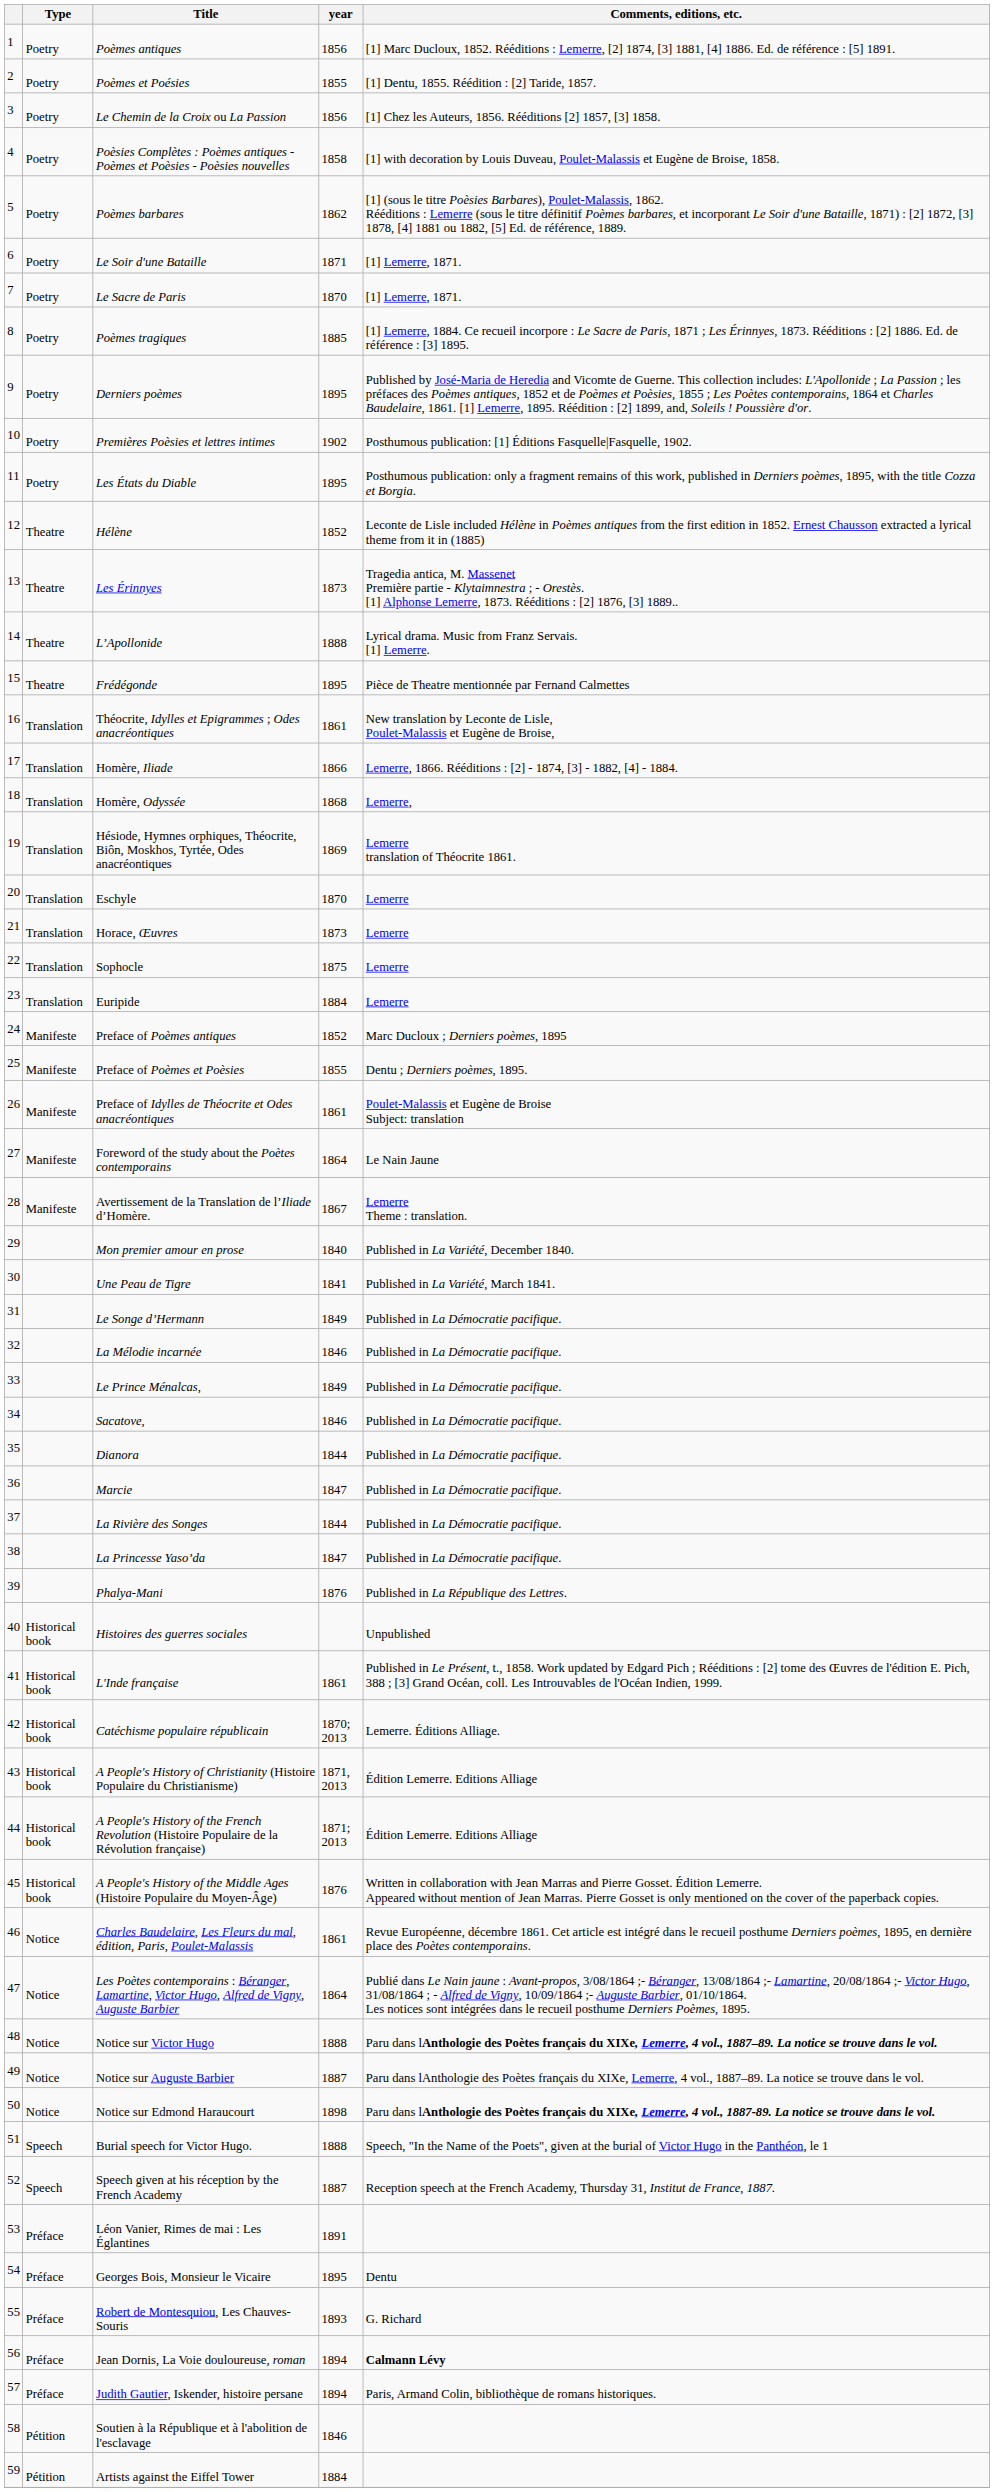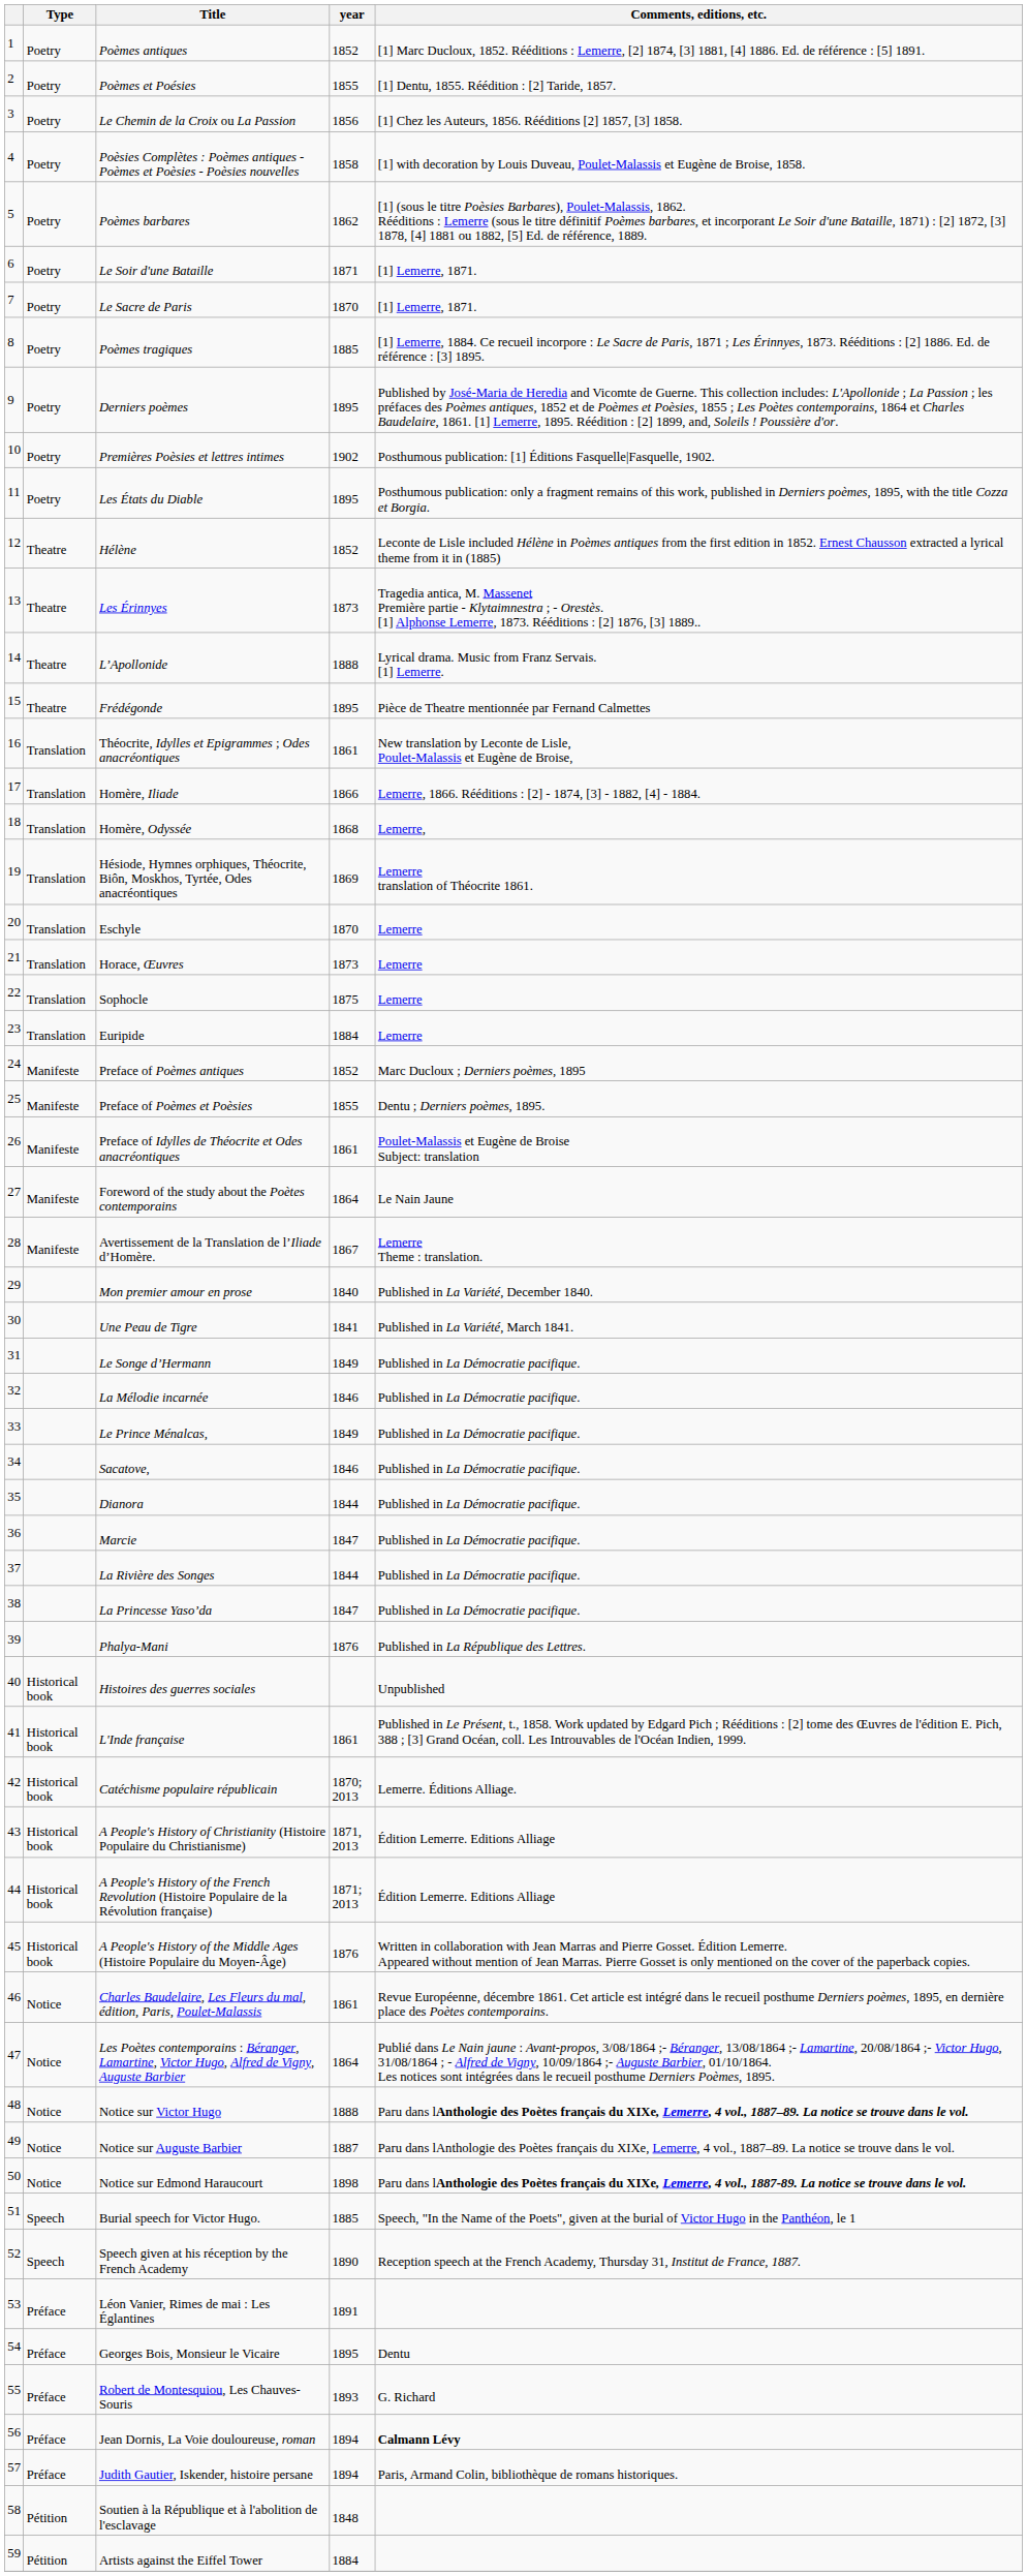 <table class="wikitable sortable">
 <tr>
 <th></th>
 <th scope="col">Type<br></th>
 <th scope="col">Title<br></th>
 <th scope="col">year<br></th>
 <th scope="col" class="unsortable">Comments, editions, etc.</th>
 </tr>
 <tr>
 <td>1</td>
 <td><br>Poetry</td>
 <td><br><em>Poèmes antiques</em></td>
-<td><br>1856</td>
+<td><br>1852</td>
 <td><br>[1] Marc Ducloux, 1852. Rééditions : <a href='#'>Lemerre</a>, [2] 1874, [3] 1881, [4] 1886. Ed. de référence : [5] 1891.</td>
 </tr>
 <tr>
 <td>2</td>
 <td><br>Poetry</td>
 <td><br><em>Poèmes et Poésies</em></td>
 <td><br>1855</td>
 <td><br>[1] Dentu, 1855. Réédition : [2] Taride, 1857.</td>
 </tr>
 <tr>
 <td>3</td>
 <td><br>Poetry</td>
 <td><br><em>Le Chemin de la Croix</em> ou <em>La Passion</em></td>
 <td><br>1856</td>
 <td><br>[1] Chez les Auteurs, 1856. Rééditions [2] 1857, [3] 1858.<br></td>
 </tr>
 <tr>
 <td>4</td>
 <td><br>Poetry</td>
 <td><br><em>Poèsies Complètes : Poèmes antiques - Poèmes et Poèsies - Poèsies nouvelles</em></td>
 <td><br>1858</td>
 <td><br>[1] with decoration by Louis Duveau, <a href='#'>Poulet-Malassis</a> et Eugène de Broise, 1858.</td>
 </tr>
 <tr>
 <td>5</td>
 <td><br>Poetry</td>
 <td><br><em>Poèmes barbares</em></td>
 <td><br>1862</td>
 <td><br>[1] (sous le titre <em>Poèsies Barbares</em>), <a href='#'>Poulet-Malassis</a>, 1862.<br>Rééditions : <a href='#'>Lemerre</a> (sous le titre définitif <em>Poèmes barbares</em>, et incorporant <em>Le Soir d'une Bataille</em>, 1871) : [2] 1872, [3] 1878, [4] 1881 ou 1882, [5] Ed. de référence, 1889.</td>
 </tr>
 <tr>
 <td>6</td>
 <td><br>Poetry</td>
 <td><br><em>Le Soir d'une Bataille</em></td>
 <td><br>1871</td>
 <td><br>[1] <a href='#'>Lemerre</a>, 1871.</td>
 </tr>
 <tr>
 <td>7</td>
 <td><br>Poetry</td>
 <td><br><em>Le Sacre de Paris</em></td>
 <td><br>1870</td>
 <td><br>[1] <a href='#'>Lemerre</a>, 1871.</td>
 </tr>
 <tr>
 <td>8</td>
 <td><br>Poetry</td>
 <td><br><em>Poèmes tragiques</em></td>
 <td><br>1885</td>
 <td><br>[1] <a href='#'>Lemerre</a>, 1884. Ce recueil incorpore : <em>Le Sacre de Paris</em>, 1871 ; <em>Les Érinnyes</em>, 1873. Rééditions : [2] 1886. Ed. de référence : [3] 1895.</td>
 </tr>
 <tr>
 <td>9</td>
 <td><br>Poetry</td>
 <td><br><em>Derniers poèmes</em></td>
 <td><br>1895</td>
 <td><br>Published by <a href='#'>José-Maria de Heredia</a> and Vicomte de Guerne. This collection includes: <em>L'Apollonide</em> ; <em>La Passion</em> ; les préfaces des <em>Poèmes antiques</em>, 1852 et de <em>Poèmes et Poèsies</em>, 1855 ; <em>Les Poètes contemporains</em>, 1864 et <em>Charles Baudelaire</em>, 1861. [1] <a href='#'>Lemerre</a>, 1895. Réédition : [2] 1899, and, <em>Soleils ! Poussière d'or</em>.</td>
 </tr>
 <tr>
 <td>10</td>
 <td><br>Poetry</td>
 <td><br><em>Premières Poèsies et lettres intimes</em></td>
 <td><br>1902</td>
 <td><br>Posthumous publication: [1] Éditions Fasquelle|Fasquelle, 1902.</td>
 </tr>
 <tr>
 <td>11</td>
 <td><br>Poetry</td>
 <td><br><em>Les États du Diable</em></td>
 <td><br>1895</td>
 <td><br>Posthumous publication: only a fragment remains of this work, published in <em>Derniers poèmes</em>, 1895, with the title <em>Cozza et Borgia</em>.</td>
 </tr>
 <tr>
 <td>12</td>
 <td><br>Theatre</td>
 <td><br><em>Hélène</em></td>
 <td><br>1852</td>
 <td><br>Leconte de Lisle included <em>Hélène</em> in <em>Poèmes antiques</em> from the first edition in 1852. <a href='#'>Ernest Chausson</a> extracted a lyrical theme from it in  (1885)</td>
 </tr>
 <tr>
 <td>13</td>
 <td><br>Theatre</td>
 <td><br><em><a href='#'>Les Érinnyes</a></em></td>
 <td><br>1873</td>
 <td><br>Tragedia antica,  M. <a href='#'>Massenet</a><br>Première partie - <em>Klytaimnestra</em> ; - <em>Orestès</em>.<br> [1] <a href='#'>Alphonse Lemerre</a>, 1873. Rééditions : [2] 1876, [3] 1889..</td>
 </tr>
 <tr>
 <td>14</td>
 <td><br>Theatre</td>
 <td><br><em>L’Apollonide</em></td>
 <td><br>1888</td>
 <td><br>Lyrical drama. Music from Franz Servais.<br>  [1] <a href='#'>Lemerre</a>.</td>
 </tr>
 <tr>
 <td>15</td>
 <td><br>Theatre</td>
 <td><br><em>Frédégonde</em></td>
 <td><br>1895</td>
 <td><br>Pièce de Theatre mentionnée par Fernand Calmettes</td>
 </tr>
 <tr>
 <td>16</td>
 <td><br>Translation</td>
 <td><br>Théocrite, <em>Idylles et Epigrammes</em> ; <em>Odes anacréontiques</em></td>
 <td><br>1861</td>
 <td><br>New translation by Leconte de Lisle,<br><a href='#'>Poulet-Malassis</a> et Eugène de Broise,</td>
 </tr>
 <tr>
 <td>17</td>
 <td><br>Translation</td>
 <td><br>Homère, <em>Iliade</em></td>
 <td><br>1866</td>
 <td><br><a href='#'>Lemerre</a>, 1866. Rééditions : [2] - 1874, [3] - 1882, [4] - 1884.</td>
 </tr>
 <tr>
 <td>18</td>
 <td><br>Translation</td>
 <td><br>Homère, <em>Odyssée</em></td>
 <td><br>1868</td>
 <td><br><a href='#'>Lemerre</a>,</td>
 </tr>
 <tr>
 <td>19</td>
 <td><br>Translation</td>
 <td><br>Hésiode, Hymnes orphiques, Théocrite, Biôn, Moskhos, Tyrtée, Odes anacréontiques</td>
 <td><br>1869</td>
 <td><br><a href='#'>Lemerre</a><br>translation of Théocrite 1861.</td>
 </tr>
 <tr>
 <td>20</td>
 <td><br>Translation</td>
 <td><br>Eschyle</td>
 <td><br>1870</td>
 <td><br><a href='#'>Lemerre</a></td>
 </tr>
 <tr>
 <td>21</td>
 <td><br>Translation</td>
 <td><br>Horace, <em>Œuvres</em></td>
 <td><br>1873</td>
 <td><br><a href='#'>Lemerre</a></td>
 </tr>
 <tr>
 <td>22</td>
 <td><br>Translation</td>
 <td><br>Sophocle</td>
 <td><br>1875</td>
 <td><br><a href='#'>Lemerre</a></td>
 </tr>
 <tr>
 <td>23</td>
 <td><br>Translation</td>
 <td><br>Euripide</td>
 <td><br>1884</td>
 <td><br><a href='#'>Lemerre</a></td>
 </tr>
 <tr>
 <td>24</td>
 <td><br>Manifeste</td>
 <td><br>Preface of <em>Poèmes antiques</em></td>
 <td><br>1852</td>
 <td><br>Marc Ducloux ; <em>Derniers poèmes</em>, 1895</td>
 </tr>
 <tr>
 <td>25</td>
 <td><br>Manifeste</td>
 <td><br>Preface of <em>Poèmes et Poèsies</em></td>
 <td><br>1855</td>
 <td><br>Dentu ; <em>Derniers poèmes</em>, 1895.</td>
 </tr>
 <tr>
 <td>26</td>
 <td><br>Manifeste</td>
 <td><br>Preface of <em>Idylles de Théocrite et Odes anacréontiques</em></td>
 <td><br>1861</td>
 <td><br><a href='#'>Poulet-Malassis</a> et Eugène de Broise<br>Subject: translation</td>
 </tr>
 <tr>
 <td>27</td>
 <td><br>Manifeste</td>
 <td><br>Foreword of the study about the <em>Poètes contemporains</em></td>
 <td><br>1864</td>
 <td><br>Le Nain Jaune</td>
 </tr>
 <tr>
 <td>28</td>
 <td><br>Manifeste</td>
 <td><br>Avertissement de la Translation de l’<em>Iliade</em> d’Homère.</td>
 <td><br>1867</td>
 <td><br><a href='#'>Lemerre</a><br> Theme : translation.</td>
 </tr>
 <tr>
 <td>29</td>
 <td><br></td>
 <td><br><em>Mon premier amour en prose</em></td>
 <td><br>1840</td>
 <td><br>Published in <em>La Variété</em>, December 1840.</td>
 </tr>
 <tr>
 <td>30</td>
 <td><br></td>
 <td><br><em>Une Peau de Tigre</em></td>
 <td><br>1841</td>
 <td><br>Published in <em>La Variété</em>, March 1841.</td>
 </tr>
 <tr>
 <td>31</td>
 <td><br></td>
 <td><br><em>Le Songe d’Hermann</em></td>
 <td><br>1849</td>
 <td><br>Published in <em>La Démocratie pacifique</em>.</td>
 </tr>
 <tr>
 <td>32</td>
 <td><br></td>
 <td><br><em>La Mélodie incarnée</em></td>
 <td><br>1846</td>
 <td><br>Published in <em>La Démocratie pacifique</em>.</td>
 </tr>
 <tr>
 <td>33</td>
 <td><br></td>
 <td><br><em>Le Prince Ménalcas</em>,</td>
 <td><br>1849</td>
 <td><br>Published in <em>La Démocratie pacifique</em>.</td>
 </tr>
 <tr>
 <td>34</td>
 <td><br></td>
 <td><br><em>Sacatove</em>,</td>
 <td><br>1846</td>
 <td><br>Published in <em>La Démocratie pacifique</em>.</td>
 </tr>
 <tr>
 <td>35</td>
 <td><br></td>
 <td><br><em>Dianora</em></td>
 <td><br>1844</td>
 <td><br>Published in <em>La Démocratie pacifique</em>.</td>
 </tr>
 <tr>
 <td>36</td>
 <td><br></td>
 <td><br><em>Marcie</em></td>
 <td><br>1847</td>
 <td><br>Published in <em>La Démocratie pacifique</em>.</td>
 </tr>
 <tr>
 <td>37</td>
 <td><br></td>
 <td><br><em>La Rivière des Songes</em></td>
 <td><br>1844</td>
 <td><br>Published in <em>La Démocratie pacifique</em>.</td>
 </tr>
 <tr>
 <td>38</td>
 <td><br></td>
 <td><br><em>La Princesse Yaso’da</em></td>
 <td><br>1847</td>
 <td><br>Published in <em>La Démocratie pacifique</em>.</td>
 </tr>
 <tr>
 <td>39</td>
 <td><br></td>
 <td><br><em>Phalya-Mani</em></td>
 <td><br>1876</td>
 <td><br>Published in <em>La République des Lettres</em>.</td>
 </tr>
 <tr>
 <td>40</td>
 <td><br>Historical book</td>
 <td><br><em>Histoires des guerres sociales</em></td>
 <td></td>
 <td><br>Unpublished</td>
 </tr>
 <tr>
 <td>41</td>
 <td><br>Historical book</td>
 <td><br><em>L'Inde française</em></td>
 <td><br>1861</td>
 <td>Published in <em>Le Présent</em>, t., 1858. Work updated by Edgard Pich ; Rééditions : [2] tome des Œuvres de l'édition E. Pich, 388 ; [3] Grand Océan, coll. Les Introuvables de l'Océan Indien, 1999.</td>
 </tr>
 <tr>
 <td>42</td>
 <td><br>Historical book</td>
 <td><br><em>Catéchisme populaire républicain</em></td>
 <td><br>1870; 2013</td>
 <td><br>Lemerre. Éditions Alliage.</td>
 </tr>
 <tr>
 <td>43</td>
 <td><br>Historical book</td>
 <td><br><em>A People's History of Christianity</em> (Histoire Populaire du Christianisme)</td>
 <td><br>1871, 2013</td>
 <td><br>Édition Lemerre. Editions Alliage</td>
 </tr>
 <tr>
 <td>44</td>
 <td><br>Historical book</td>
 <td><br><em>A People's History of the French Revolution</em> (Histoire Populaire de la Révolution française)</td>
 <td><br>1871; 2013</td>
 <td><br>Édition Lemerre. Editions Alliage</td>
 </tr>
 <tr>
 <td>45</td>
 <td><br>Historical book</td>
 <td><br><em>A People's History of the Middle Ages</em> (Histoire Populaire du Moyen-Âge)</td>
 <td><br>1876</td>
 <td><br>Written in collaboration with Jean Marras and Pierre Gosset. Édition Lemerre.<br>Appeared without mention of Jean Marras. Pierre Gosset is only mentioned on the cover of the paperback copies.</td>
 </tr>
 <tr>
 <td>46</td>
 <td><br>Notice</td>
 <td><br><em><a href='#'>Charles Baudelaire</a>, <a href='#'>Les Fleurs du mal</a>, édition, Paris, <a href='#'>Poulet-Malassis</a></em></td>
 <td><br>1861</td>
 <td><br>Revue Européenne, décembre 1861. Cet article est intégré dans le recueil posthume <em>Derniers poèmes</em>, 1895, en dernière place des <em>Poètes contemporains</em>.</td>
 </tr>
 <tr>
 <td>47</td>
 <td><br>Notice</td>
 <td><br><em>Les Poètes contemporains</em> : <em><a href='#'>Béranger</a></em>, <em><a href='#'>Lamartine</a></em>, <em><a href='#'>Victor Hugo</a></em>, <em><a href='#'>Alfred de Vigny</a></em>, <em><a href='#'>Auguste Barbier</a></em></td>
 <td><br>1864</td>
 <td><br>Publié dans <em>Le Nain jaune</em> : <em>Avant-propos</em>, 3/08/1864 ;- <em><a href='#'>Béranger</a></em>, 13/08/1864 ;- <em><a href='#'>Lamartine</a></em>, 20/08/1864 ;- <em><a href='#'>Victor Hugo</a></em>, 31/08/1864 ; - <em><a href='#'>Alfred de Vigny</a></em>, 10/09/1864 ;- <em><a href='#'>Auguste Barbier</a></em>, 01/10/1864.<br> Les notices sont intégrées dans le recueil posthume <em>Derniers Poèmes</em>, 1895.</td>
 </tr>
 <tr>
 <td>48</td>
 <td><br>Notice</td>
 <td><br>Notice sur <a href='#'>Victor Hugo</a></td>
 <td><br>1888</td>
 <td><br>Paru dans l<strong>Anthologie des Poètes français du XIXe<em>, <a href='#'>Lemerre</a>, 4 vol., 1887–89. La notice se trouve dans le vol.</td>
 </tr>
 <tr>
 <td>49</td>
 <td><br>Notice</td>
 <td><br>Notice sur <a href='#'>Auguste Barbier</a></td>
 <td><br>1887</td>
 <td><br>Paru dans l</strong>Anthologie des Poètes français du XIXe</em>, <a href='#'>Lemerre</a>, 4 vol., 1887–89. La notice se trouve dans le vol.</td>
 </tr>
 <tr>
 <td>50</td>
 <td><br>Notice</td>
 <td><br>Notice sur Edmond Haraucourt</td>
 <td><br>1898</td>
 <td><br>Paru dans l<strong>Anthologie des Poètes français du XIXe<em>, <a href='#'>Lemerre</a>, 4 vol., 1887-89. La notice se trouve dans le vol.</td>
 </tr>
 <tr>
 <td>51</td>
 <td><br>Speech</td>
 <td><br>Burial speech for Victor Hugo.</td>
-<td><br>1888</td>
+<td><br>1885</td>
 <td><br>Speech, "In the Name of the Poets", given at the burial of <a href='#'>Victor Hugo</a> in the <a href='#'>Panthéon</a>, le 1</td>
 </tr>
 <tr>
 <td>52</td>
 <td><br>Speech</td>
 <td><br>Speech given at his réception by the French Academy</td>
-<td><br>1887</td>
+<td><br>1890</td>
 <td><br></em>Reception speech at the French Academy, Thursday 31<em>, Institut de France, 1887.</td>
 </tr>
 <tr>
 <td>53</td>
 <td><br>Préface</td>
 <td><br>Léon Vanier, Rimes de mai : </em>Les Églantines<em></td>
 <td><br>1891</td>
 <td></td>
 </tr>
 <tr>
 <td>54</td>
 <td><br>Préface</td>
 <td><br>Georges Bois, </em>Monsieur le Vicaire<em></td>
 <td><br>1895</td>
 <td><br>Dentu</td>
 </tr>
 <tr>
 <td>55</td>
 <td><br>Préface</td>
 <td><br><a href='#'>Robert de Montesquiou</a>, </em>Les Chauves-Souris<em></td>
 <td><br>1893</td>
 <td><br>G. Richard</td>
 </tr>
 <tr>
 <td>56</td>
 <td><br>Préface</td>
 <td><br>Jean Dornis, </em>La Voie douloureuse<em>, roman</td>
 <td><br>1894</td>
 <td><strong><br>Calmann Lévy</strong></td>
 </tr>
 <tr>
 <td>57</td>
 <td><br>Préface</td>
 <td><br><a href='#'>Judith Gautier</a>, </em>Iskender, histoire persane<em></td>
 <td><br>1894</td>
 <td><br>Paris, Armand Colin, bibliothèque de romans historiques.</td>
 </tr>
 <tr>
 <td>58</td>
 <td><br>Pétition</td>
 <td><br>Soutien à la République et à l'abolition de l'esclavage</td>
-<td><br>1846</td>
+<td><br>1848</td>
 <td></td>
 </tr>
 <tr>
 <td>59</td>
 <td><br>Pétition</td>
 <td><br></em>Artists against the Eiffel Tower<em></td>
 <td><br>1884</td>
 <td></td>
 </tr>
 <tr>
 </tr>
 </table>
